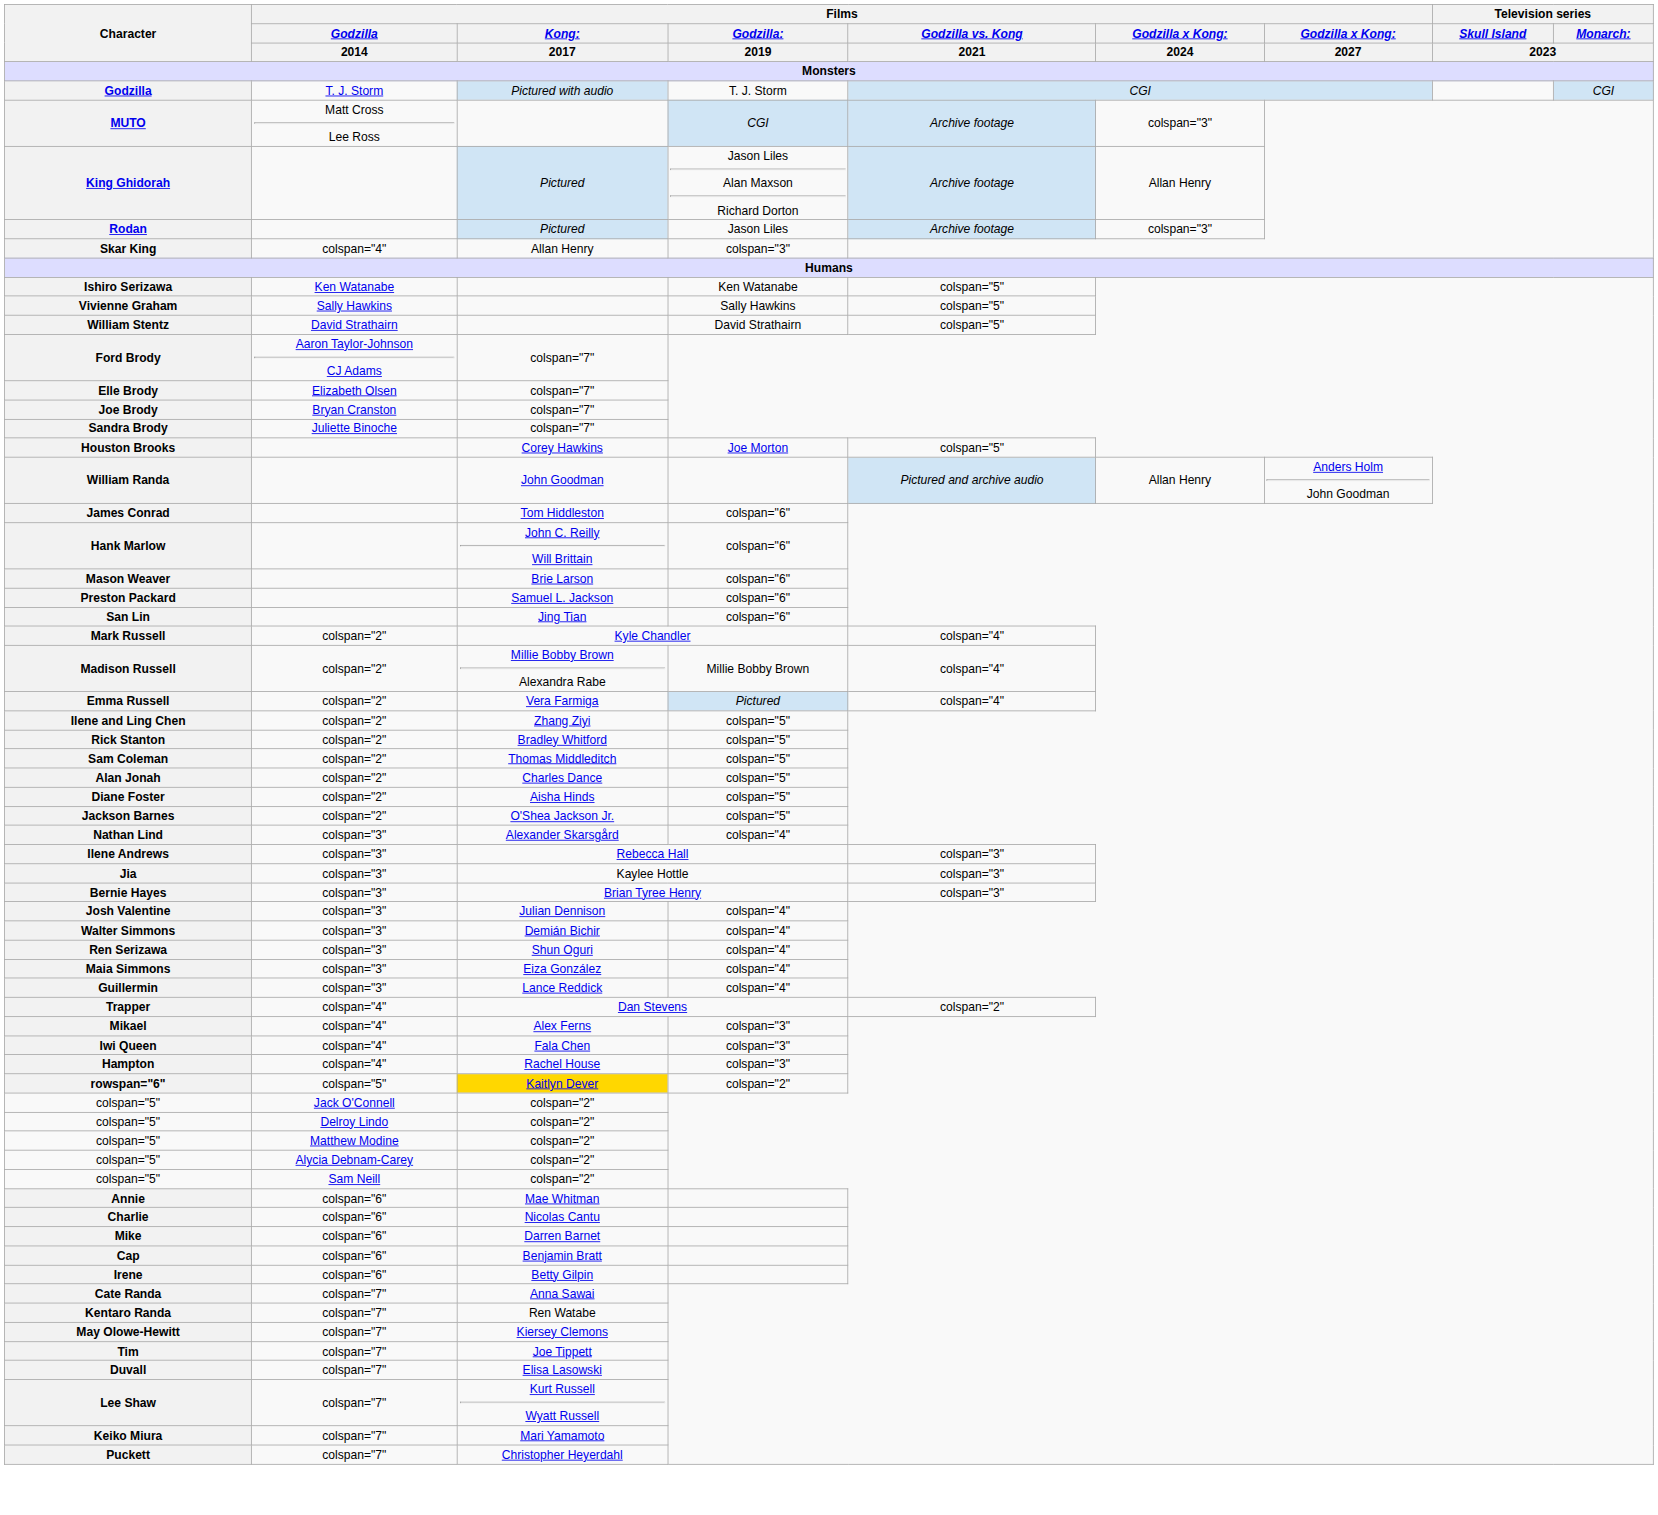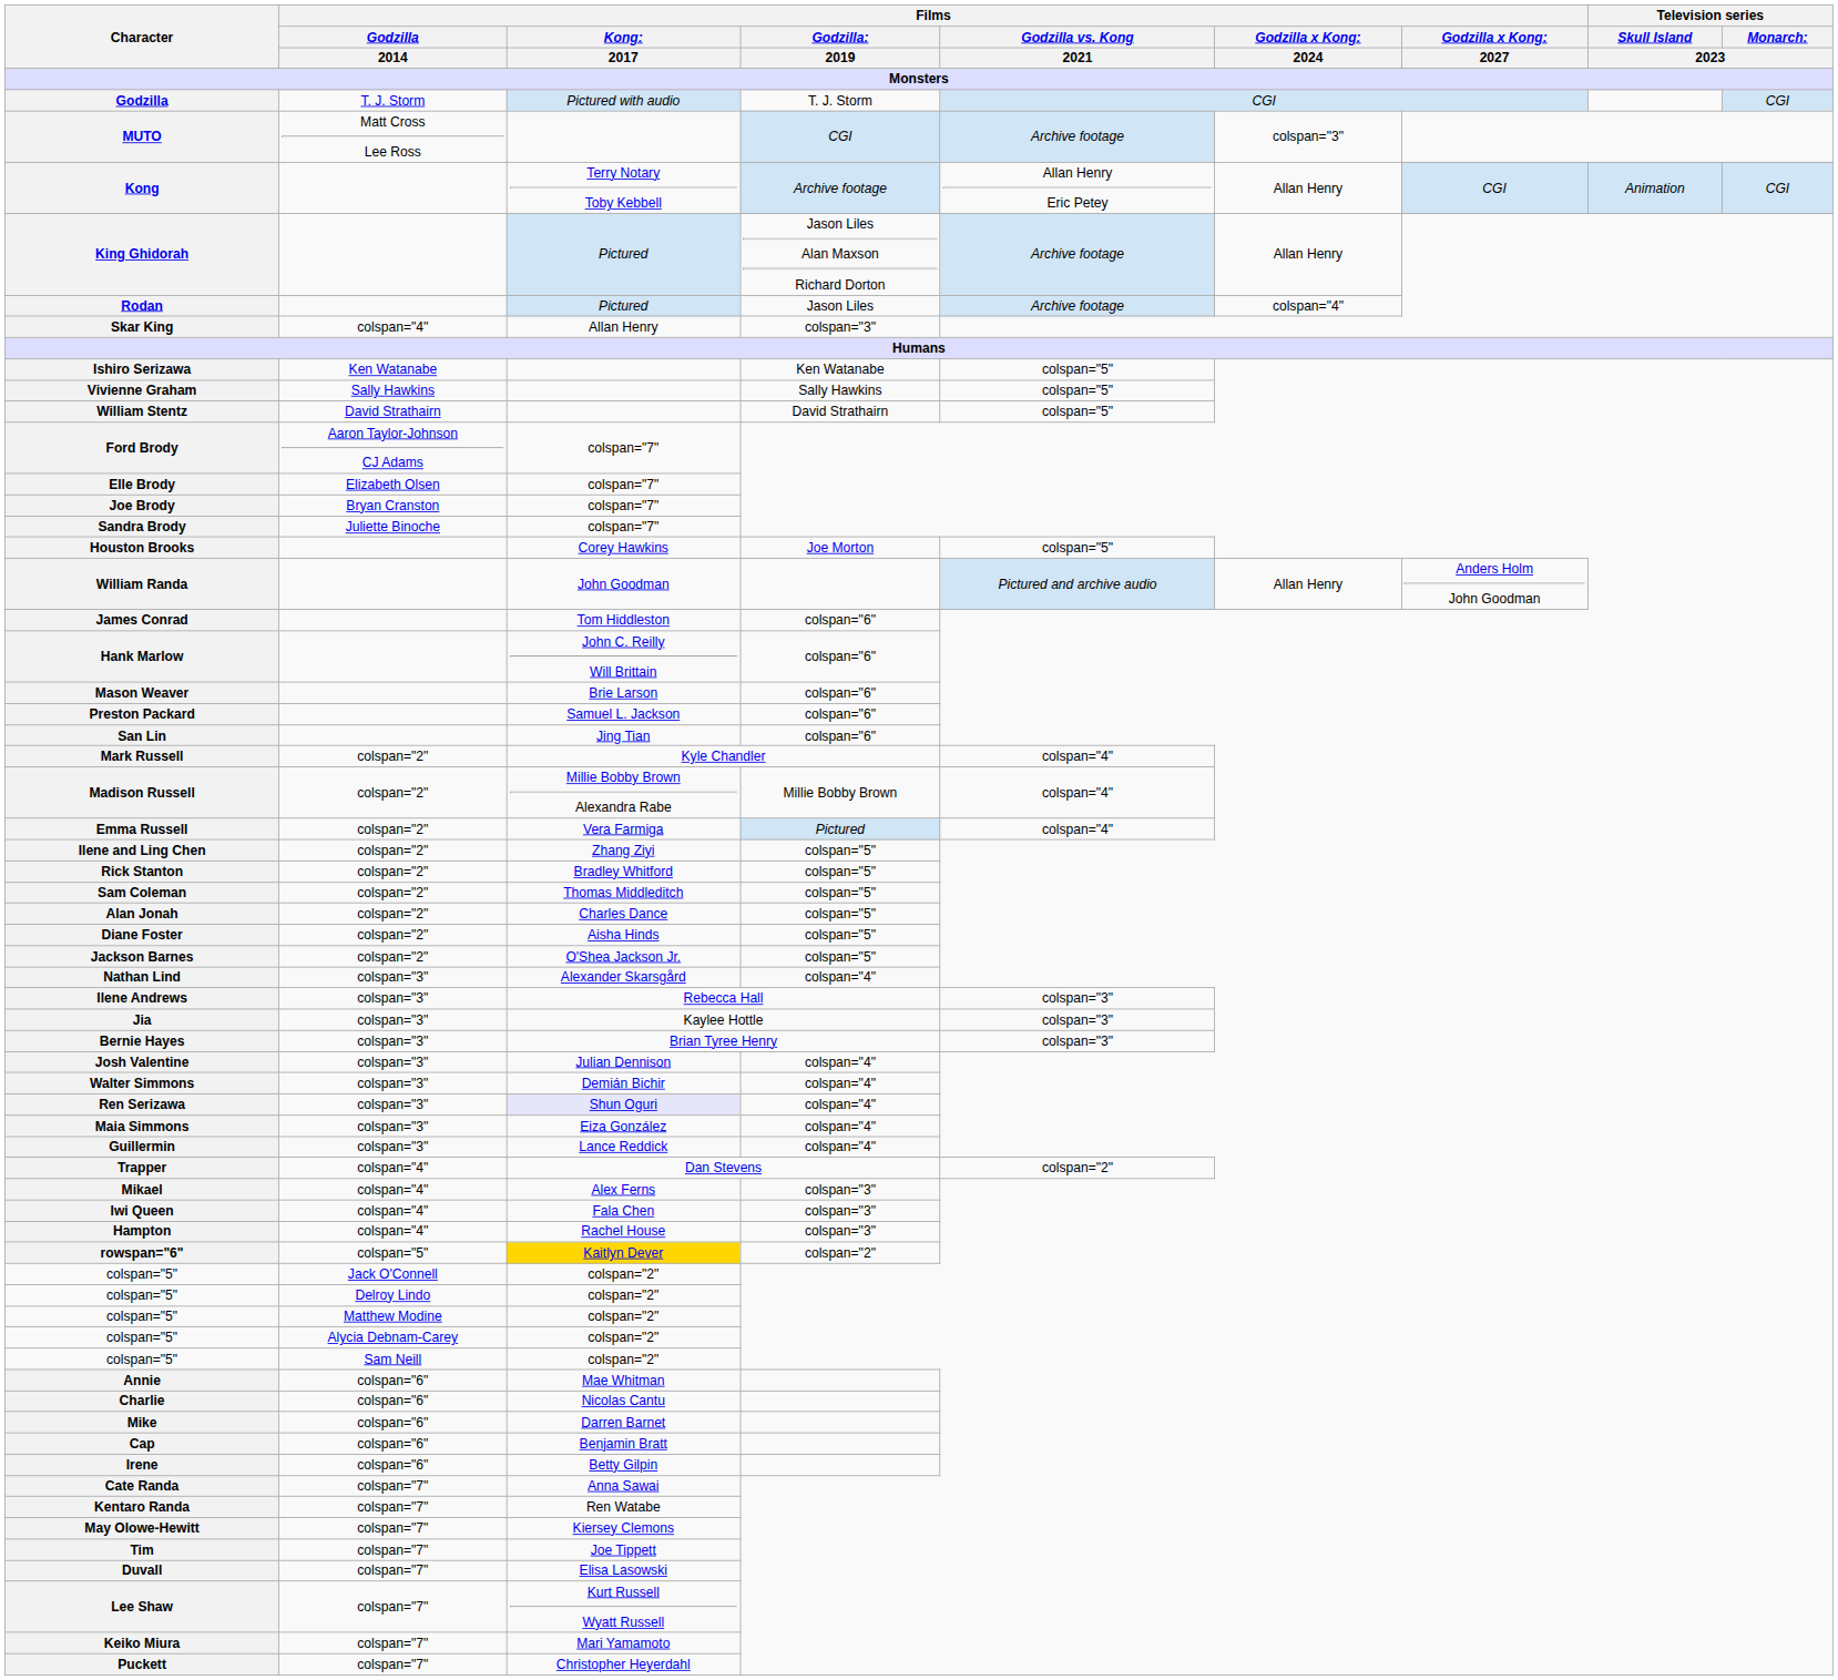 <table class="wikitable" style="width:99%; text-align:center; font-size:90%;">
 <tr>
 <th rowspan="3" style="width:15%;">Character</th>
 <th colspan="6">Films</th>
 <th colspan="2">Television series</th>
 </tr>
 <tr>
 <th><em><a href='#'>Godzilla</a></em></th>
 <th><em><a href='#'>Kong:<br></a></em></th>
 <th><em><a href='#'>Godzilla:<br></a></em></th>
 <th><em><a href='#'>Godzilla vs. Kong</a></em></th>
 <th><em><a href='#'>Godzilla x Kong:<br></a></em></th>
 <th><em><a href='#'>Godzilla x Kong:<br></a></em></th>
 <th><em><a href='#'>Skull Island</a></em></th>
 <th><em><a href='#'>Monarch:<br></a></em></th>
 </tr>
 <tr>
 <th>2014</th>
 <th>2017</th>
 <th>2019</th>
 <th>2021</th>
 <th>2024</th>
 <th>2027</th>
 <th colspan=2>2023</th>
 </tr>
 <tr>
 <th colspan="9" style="background-color:#ddf;">Monsters</th>
 </tr>
 <tr>
 <th scope="row"><a href='#'>Godzilla</a></th>
 <td><a href='#'>T. J. Storm</a></td>
 <td style="background: #d0e5f5"><em>Pictured with audio</em></td>
 <td>T. J. Storm</td>
 <td colspan="3" style="background: #d0e5f5"><em>CGI</em></td>
 <td></td>
 <td style="background: #d0e5f5"><em>CGI</em></td>
 </tr>
 <tr>
 <th scope="row"><a href='#'>MUTO</a></th>
 <td>Matt Cross<br><hr>Lee Ross</td>
 <td></td>
 <td style="background: #d0e5f5"><em>CGI</em></td>
 <td style="background: #d0e5f5"><em>Archive footage</em></td>
 <td>colspan="3" </td>
 </tr>
 <tr>
+<th scope="row"><a href='#'>Kong</a></th>
+<td></td>
+<td><a href='#'>Terry Notary</a><br><hr><a href='#'>Toby Kebbell</a></td>
+<td style="background: #d0e5f5"><em>Archive footage</em></td>
+<td>Allan Henry<hr>Eric Petey</td>
+<td>Allan Henry</td>
+<td style="background: #d0e5f5"><em>CGI</em></td>
+<td style="background: #d0e5f5"><em>Animation</em></td>
+<td style="background: #d0e5f5"><em>CGI</em></td>
+</tr>
+<tr>
 <th scope="row"><a href='#'>King Ghidorah</a></th>
 <td></td>
 <td style="background: #d0e5f5"><em>Pictured</em></td>
 <td>Jason Liles<hr>Alan Maxson<hr>Richard Dorton</td>
 <td style="background: #d0e5f5"><em>Archive footage</em></td>
 <td>Allan Henry</td>
 </tr>
 <tr>
 <th scope="row"><a href='#'>Rodan</a></th>
 <td></td>
 <td style="background: #d0e5f5"><em>Pictured</em></td>
 <td>Jason Liles</td>
 <td style="background: #d0e5f5"><em>Archive footage</em></td>
-<td>colspan="3" </td>
+<td>colspan="4" </td>
 </tr>
 <tr>
 <th scope="row">Skar King</th>
 <td>colspan="4" </td>
 <td>Allan Henry</td>
 <td>colspan="3" </td>
 </tr>
 <tr>
 <th colspan="9" style="background-color:#ddf;">Humans</th>
 </tr>
 <tr>
 <th scope="row">Ishiro Serizawa</th>
 <td><a href='#'>Ken Watanabe</a></td>
 <td></td>
 <td>Ken Watanabe</td>
 <td>colspan="5" </td>
 </tr>
 <tr>
 <th scope="row">Vivienne Graham</th>
 <td><a href='#'>Sally Hawkins</a></td>
 <td></td>
 <td>Sally Hawkins</td>
 <td>colspan="5" </td>
 </tr>
 <tr>
 <th scope="row">William Stentz</th>
 <td><a href='#'>David Strathairn</a></td>
 <td></td>
 <td>David Strathairn</td>
 <td>colspan="5" </td>
 </tr>
 <tr>
 <th scope="row">Ford Brody</th>
 <td><a href='#'>Aaron Taylor-Johnson</a><br><hr><a href='#'>CJ Adams</a></td>
 <td>colspan="7" </td>
 </tr>
 <tr>
 <th scope="row">Elle Brody</th>
 <td><a href='#'>Elizabeth Olsen</a></td>
 <td>colspan="7" </td>
 </tr>
 <tr>
 <th scope="row">Joe Brody</th>
 <td><a href='#'>Bryan Cranston</a></td>
 <td>colspan="7" </td>
 </tr>
 <tr>
 <th scope="row">Sandra Brody</th>
 <td><a href='#'>Juliette Binoche</a></td>
 <td>colspan="7" </td>
 </tr>
 <tr>
 <th scope="row">Houston Brooks</th>
 <td></td>
 <td><a href='#'>Corey Hawkins</a></td>
 <td><a href='#'>Joe Morton</a></td>
 <td>colspan="5" </td>
 </tr>
 <tr>
 <th scope="row">William Randa</th>
 <td></td>
 <td><a href='#'>John Goodman</a></td>
 <td></td>
 <td style="background: #d0e5f5"><em>Pictured and archive audio</em></td>
 <td>Allan Henry</td>
 <td><a href='#'>Anders Holm</a><br><hr>John Goodman</td>
 </tr>
 <tr>
 <th scope="row">James Conrad</th>
 <td></td>
 <td><a href='#'>Tom Hiddleston</a></td>
 <td>colspan="6" </td>
 </tr>
 <tr>
 <th scope="row">Hank Marlow</th>
 <td></td>
 <td><a href='#'>John C. Reilly</a><br><hr><a href='#'>Will Brittain</a></td>
 <td>colspan="6" </td>
 </tr>
 <tr>
 <th scope="row">Mason Weaver</th>
 <td></td>
 <td><a href='#'>Brie Larson</a></td>
 <td>colspan="6" </td>
 </tr>
 <tr>
 <th scope="row">Preston Packard</th>
 <td></td>
 <td><a href='#'>Samuel L. Jackson</a></td>
 <td>colspan="6" </td>
 </tr>
 <tr>
 <th scope="row">San Lin</th>
 <td></td>
 <td><a href='#'>Jing Tian</a></td>
 <td>colspan="6" </td>
 </tr>
 <tr>
 <th scope="row">Mark Russell</th>
 <td>colspan="2" </td>
 <td colspan="2"><a href='#'>Kyle Chandler</a></td>
 <td>colspan="4" </td>
 </tr>
 <tr>
 <th scope="row">Madison Russell</th>
 <td>colspan="2" </td>
 <td><a href='#'>Millie Bobby Brown</a><br><hr>Alexandra Rabe</td>
 <td>Millie Bobby Brown</td>
 <td>colspan="4" </td>
 </tr>
 <tr>
 <th scope="row">Emma Russell</th>
 <td>colspan="2" </td>
 <td><a href='#'>Vera Farmiga</a></td>
 <td style="background: #d0e5f5"><em>Pictured</em></td>
 <td>colspan="4" </td>
 </tr>
 <tr>
 <th scope="row">Ilene and Ling Chen</th>
 <td>colspan="2" </td>
 <td><a href='#'>Zhang Ziyi</a></td>
 <td>colspan="5" </td>
 </tr>
 <tr>
 <th scope="row">Rick Stanton</th>
 <td>colspan="2" </td>
 <td><a href='#'>Bradley Whitford</a></td>
 <td>colspan="5" </td>
 </tr>
 <tr>
 <th scope="row">Sam Coleman</th>
 <td>colspan="2" </td>
 <td><a href='#'>Thomas Middleditch</a></td>
 <td>colspan="5" </td>
 </tr>
 <tr>
 <th scope="row">Alan Jonah</th>
 <td>colspan="2" </td>
 <td><a href='#'>Charles Dance</a></td>
 <td>colspan="5" </td>
 </tr>
 <tr>
 <th scope="row">Diane Foster</th>
 <td>colspan="2" </td>
 <td><a href='#'>Aisha Hinds</a></td>
 <td>colspan="5" </td>
 </tr>
 <tr>
 <th scope="row">Jackson Barnes</th>
 <td>colspan="2" </td>
 <td><a href='#'>O'Shea Jackson Jr.</a></td>
 <td>colspan="5" </td>
 </tr>
 <tr>
 <th scope="row">Nathan Lind</th>
 <td>colspan="3" </td>
 <td><a href='#'>Alexander Skarsgård</a></td>
 <td>colspan="4" </td>
 </tr>
 <tr>
 <th scope="row">Ilene Andrews</th>
 <td>colspan="3" </td>
 <td colspan="2"><a href='#'>Rebecca Hall</a></td>
 <td>colspan="3" </td>
 </tr>
 <tr>
 <th scope="row">Jia</th>
 <td>colspan="3" </td>
 <td colspan="2">Kaylee Hottle</td>
 <td>colspan="3" </td>
 </tr>
 <tr>
 <th scope="row">Bernie Hayes</th>
 <td>colspan="3" </td>
 <td colspan="2"><a href='#'>Brian Tyree Henry</a></td>
 <td>colspan="3" </td>
 </tr>
 <tr>
 <th scope="row">Josh Valentine</th>
 <td>colspan="3" </td>
 <td><a href='#'>Julian Dennison</a></td>
 <td>colspan="4" </td>
 </tr>
 <tr>
 <th scope="row">Walter Simmons</th>
 <td>colspan="3" </td>
 <td><a href='#'>Demián Bichir</a></td>
 <td>colspan="4" </td>
 </tr>
 <tr>
 <th scope="row">Ren Serizawa</th>
 <td>colspan="3" </td>
-<td><a href='#'>Shun Oguri</a></td>
+<td style="background: lavender;"><a href='#'>Shun Oguri</a></td>
 <td>colspan="4" </td>
 </tr>
 <tr>
 <th scope="row">Maia Simmons</th>
 <td>colspan="3" </td>
 <td><a href='#'>Eiza González</a></td>
 <td>colspan="4" </td>
 </tr>
 <tr>
 <th scope="row">Guillermin</th>
 <td>colspan="3" </td>
 <td><a href='#'>Lance Reddick</a></td>
 <td>colspan="4" </td>
 </tr>
 <tr>
 <th scope="row">Trapper</th>
 <td>colspan="4" </td>
 <td colspan="2"><a href='#'>Dan Stevens</a></td>
 <td>colspan="2" </td>
 </tr>
 <tr>
 <th scope="row">Mikael</th>
 <td>colspan="4" </td>
 <td><a href='#'>Alex Ferns</a></td>
 <td>colspan="3" </td>
 </tr>
 <tr>
 <th scope="row">Iwi Queen</th>
 <td>colspan="4" </td>
 <td><a href='#'>Fala Chen</a></td>
 <td>colspan="3" </td>
 </tr>
 <tr>
 <th scope="row">Hampton</th>
 <td>colspan="4" </td>
 <td><a href='#'>Rachel House</a></td>
 <td>colspan="3" </td>
 </tr>
 <tr>
 <th>rowspan="6" </th>
 <td>colspan="5" </td>
 <td style="background: gold;"><a href='#'>Kaitlyn Dever</a></td>
 <td>colspan="2" </td>
 </tr>
 <tr>
 <td>colspan="5" </td>
 <td><a href='#'>Jack O'Connell</a></td>
 <td>colspan="2" </td>
 </tr>
 <tr>
 <td>colspan="5" </td>
 <td><a href='#'>Delroy Lindo</a></td>
 <td>colspan="2" </td>
 </tr>
 <tr>
 <td>colspan="5" </td>
 <td><a href='#'>Matthew Modine</a></td>
 <td>colspan="2" </td>
 </tr>
 <tr>
 <td>colspan="5" </td>
 <td><a href='#'>Alycia Debnam-Carey</a></td>
 <td>colspan="2" </td>
 </tr>
 <tr>
 <td>colspan="5" </td>
 <td><a href='#'>Sam Neill</a></td>
 <td>colspan="2" </td>
 </tr>
 <tr>
 <th scope="row">Annie</th>
 <td>colspan="6" </td>
 <td><a href='#'>Mae Whitman</a></td>
 <td></td>
 </tr>
 <tr>
 <th scope="row">Charlie</th>
 <td>colspan="6" </td>
 <td><a href='#'>Nicolas Cantu</a></td>
 <td></td>
 </tr>
 <tr>
 <th scope="row">Mike</th>
 <td>colspan="6" </td>
 <td><a href='#'>Darren Barnet</a></td>
 <td></td>
 </tr>
 <tr>
 <th scope="row">Cap</th>
 <td>colspan="6" </td>
 <td><a href='#'>Benjamin Bratt</a></td>
 <td></td>
 </tr>
 <tr>
 <th scope="row">Irene</th>
 <td>colspan="6" </td>
 <td><a href='#'>Betty Gilpin</a></td>
 <td></td>
 </tr>
 <tr>
 <th scope="row">Cate Randa</th>
 <td>colspan="7" </td>
 <td><a href='#'>Anna Sawai</a></td>
 </tr>
 <tr>
 <th scope="row">Kentaro Randa</th>
 <td>colspan="7" </td>
 <td>Ren Watabe</td>
 </tr>
 <tr>
 <th scope="row">May Olowe-Hewitt</th>
 <td>colspan="7" </td>
 <td><a href='#'>Kiersey Clemons</a></td>
 </tr>
 <tr>
 <th scope="row">Tim</th>
 <td>colspan="7" </td>
 <td><a href='#'>Joe Tippett</a></td>
 </tr>
 <tr>
 <th scope="row">Duvall</th>
 <td>colspan="7" </td>
 <td><a href='#'>Elisa Lasowski</a></td>
 </tr>
 <tr>
 <th scope="row">Lee Shaw</th>
 <td>colspan="7" </td>
 <td><a href='#'>Kurt Russell</a><br><hr><a href='#'>Wyatt Russell</a></td>
 </tr>
 <tr>
 <th scope="row">Keiko Miura</th>
 <td>colspan="7" </td>
 <td><a href='#'>Mari Yamamoto</a></td>
 </tr>
 <tr>
 <th scope="row">Puckett</th>
 <td>colspan="7" </td>
 <td><a href='#'>Christopher Heyerdahl</a></td>
 </tr>
 </table>
